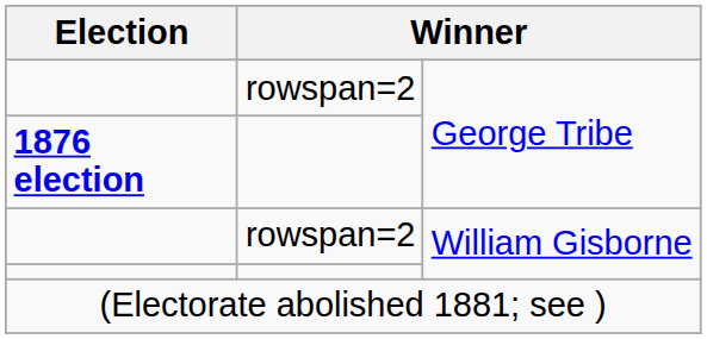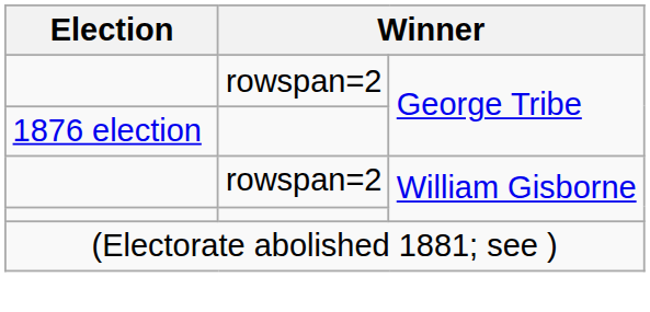 <table class=wikitable>
 <tr>
 <th width=100>Election</th>
 <th width=175 colspan=2>Winner</th>
 </tr>
 <tr>
 <td></td>
 <td>rowspan=2 </td>
 <td rowspan=2><a href='#'>George Tribe</a></td>
 </tr>
 <tr>
-<td><strong><a href='#'>1876 election</a></strong></td>
+<td><a href='#'>1876 election</a></td>
 </tr>
 <tr>
 <td></td>
 <td>rowspan=2 </td>
 <td rowspan=2><a href='#'>William Gisborne</a></td>
 </tr>
 <tr>
 <td></td>
 </tr>
 <tr>
 <td colspan=3 align=center><span>(Electorate abolished 1881; see )</span></td>
 </tr>
 </table>
